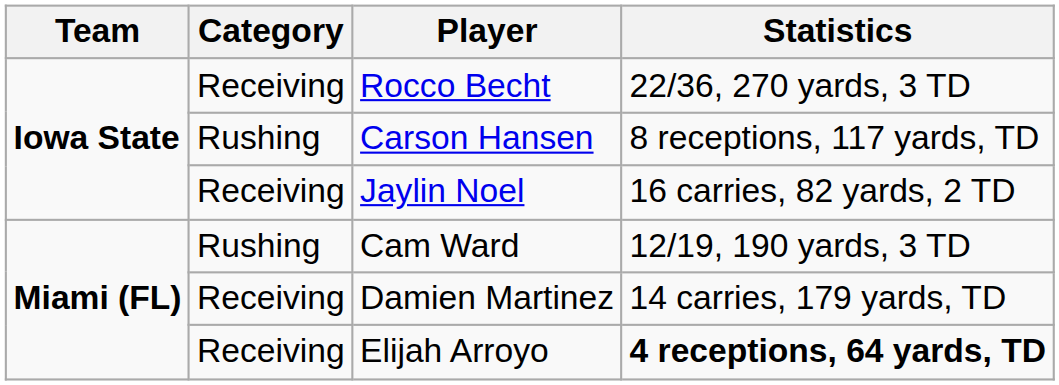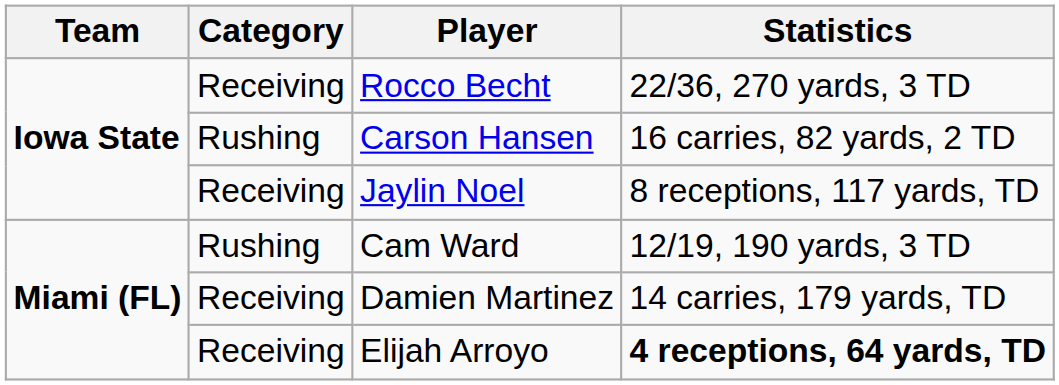 <table class="wikitable" style="float: right;">
 <tr>
 <th>Team</th>
 <th>Category</th>
 <th>Player</th>
 <th>Statistics</th>
 </tr>
 <tr>
 <td rowspan=3><strong>Iowa State</strong></td>
 <td>Receiving</td>
 <td><a href='#'>Rocco Becht</a></td>
 <td>22/36, 270 yards, 3 TD</td>
 </tr>
 <tr>
 <td>Rushing</td>
 <td><a href='#'>Carson Hansen</a></td>
-<td>8 receptions, 117 yards, TD</td>
+<td>16 carries, 82 yards, 2 TD</td>
 </tr>
 <tr>
 <td>Receiving</td>
 <td><a href='#'>Jaylin Noel</a></td>
-<td>16 carries, 82 yards, 2 TD</td>
+<td>8 receptions, 117 yards, TD</td>
 </tr>
 <tr>
 <td rowspan=3><strong>Miami (FL)</strong></td>
 <td>Rushing</td>
 <td>Cam Ward</td>
 <td>12/19, 190 yards, 3 TD</td>
 </tr>
 <tr>
 <td>Receiving</td>
 <td>Damien Martinez</td>
 <td>14 carries, 179 yards, TD</td>
 </tr>
 <tr>
 <td>Receiving</td>
 <td>Elijah Arroyo</td>
 <td><strong>4 receptions, 64 yards, TD</strong></td>
 </tr>
 </table>
